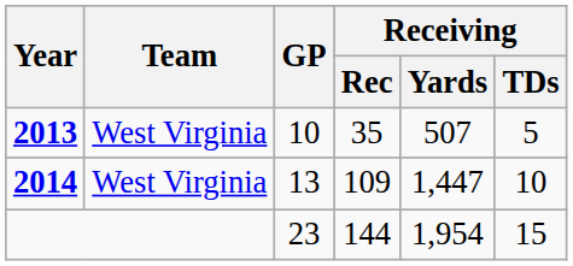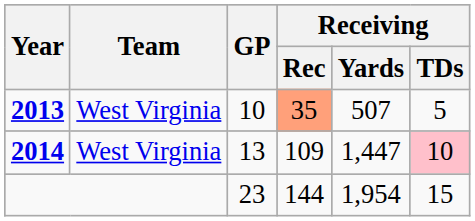 <table class="wikitable" style="text-align:center;">
 <tr>
 <th rowspan="2">Year</th>
 <th rowspan="2">Team</th>
 <th rowspan="2">GP</th>
 <th colspan="3">Receiving</th>
 </tr>
 <tr>
 <th>Rec</th>
 <th>Yards</th>
 <th>TDs</th>
 </tr>
 <tr>
 <td><a href='#'><strong>2013</strong></a></td>
 <td><a href='#'>West Virginia</a></td>
 <td>10</td>
-<td>35</td>
+<td style="background: lightsalmon;">35</td>
 <td>507</td>
 <td>5</td>
 </tr>
 <tr>
 <td><a href='#'><strong>2014</strong></a></td>
 <td><a href='#'>West Virginia</a></td>
 <td>13</td>
 <td>109</td>
 <td>1,447</td>
-<td>10</td>
+<td style="background: pink;">10</td>
 </tr>
 <tr>
 <td colspan=2></td>
 <td>23</td>
 <td>144</td>
 <td>1,954</td>
 <td>15</td>
 </tr>
 </table>
